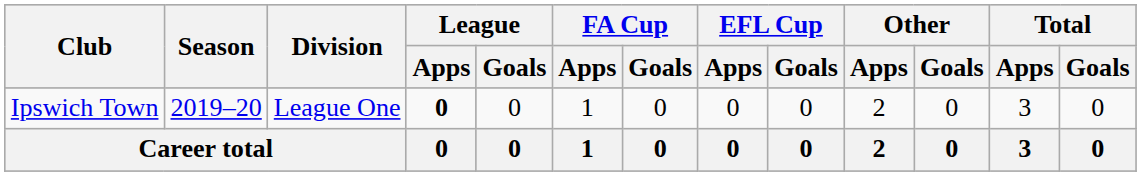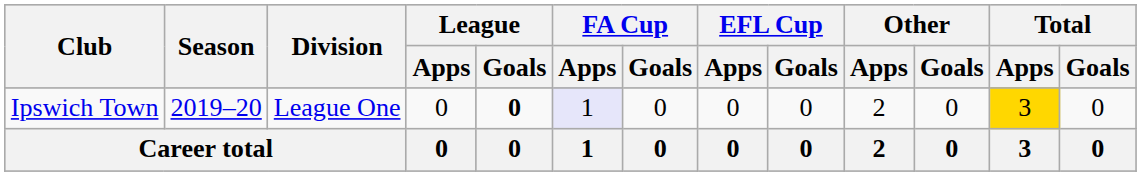 <table class="wikitable" style="text-align:center;">
 <tr>
 <th rowspan="2">Club</th>
 <th rowspan="2">Season</th>
 <th rowspan="2">Division</th>
 <th colspan="2">League</th>
 <th colspan="2"><a href='#'>FA Cup</a></th>
 <th colspan="2"><a href='#'>EFL Cup</a></th>
 <th colspan="2">Other</th>
 <th colspan="2">Total</th>
 </tr>
 <tr>
 <th>Apps</th>
 <th>Goals</th>
 <th>Apps</th>
 <th>Goals</th>
 <th>Apps</th>
 <th>Goals</th>
 <th>Apps</th>
 <th>Goals</th>
 <th>Apps</th>
 <th>Goals</th>
 </tr>
 <tr>
 <td><a href='#'>Ipswich Town</a></td>
 <td><a href='#'>2019–20</a></td>
 <td><a href='#'>League One</a></td>
+<td>0</td>
 <td><strong>0</strong></td>
-<td>0</td>
-<td>1</td>
+<td style="background: lavender;">1</td>
 <td>0</td>
 <td>0</td>
 <td>0</td>
 <td>2</td>
 <td>0</td>
-<td>3</td>
+<td style="background: gold;">3</td>
 <td>0</td>
 </tr>
 <tr>
 <th colspan=3>Career total</th>
 <th>0</th>
 <th>0</th>
 <th>1</th>
 <th>0</th>
 <th>0</th>
 <th>0</th>
 <th>2</th>
 <th>0</th>
 <th>3</th>
 <th>0</th>
 </tr>
 </table>
